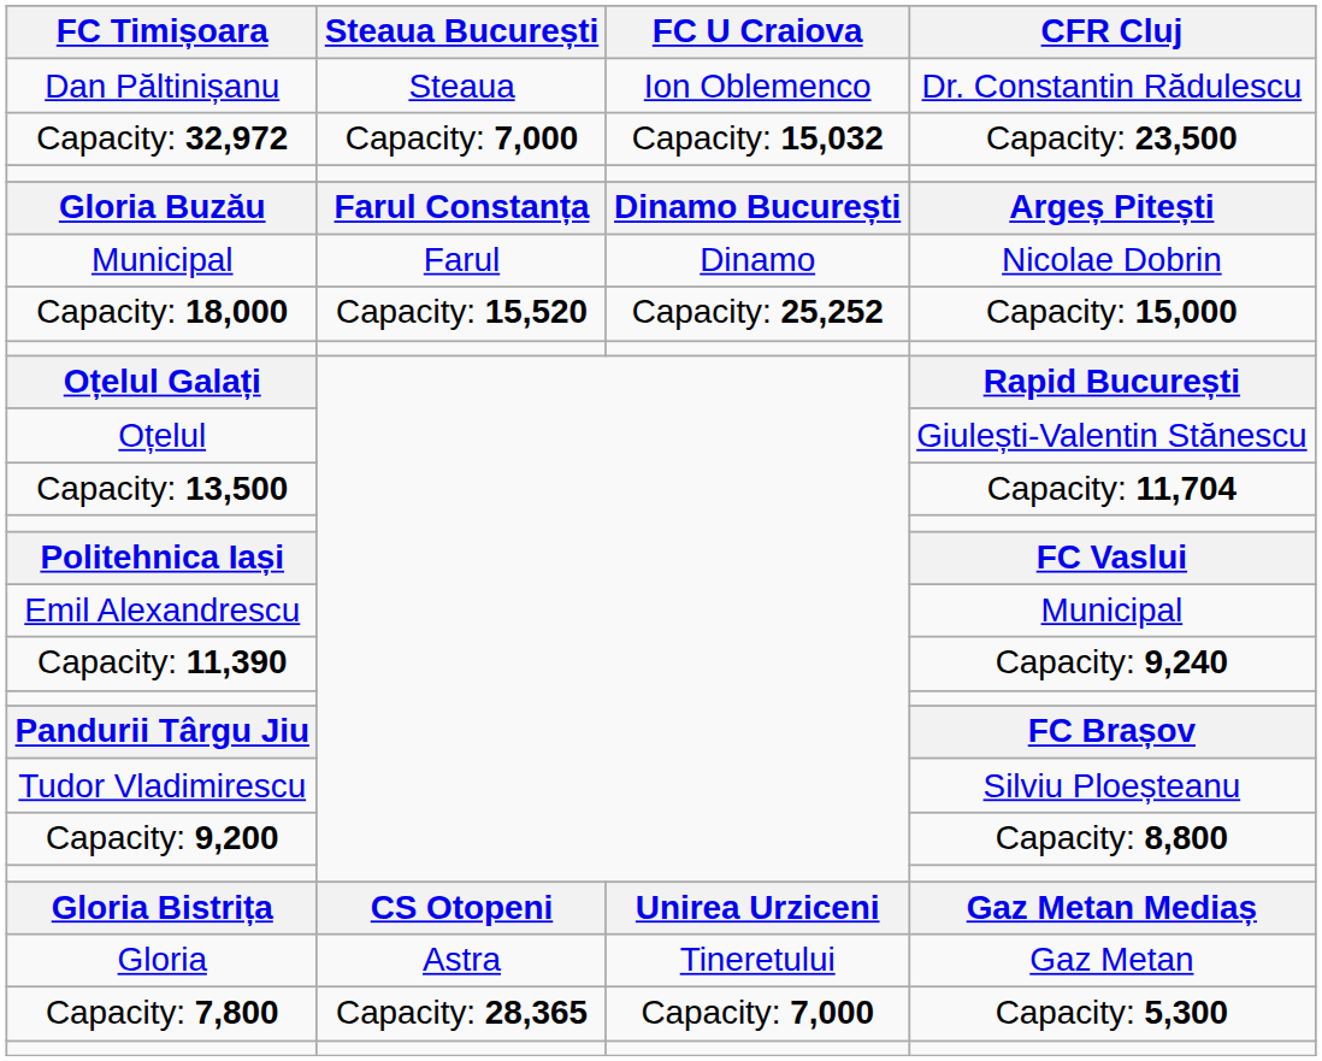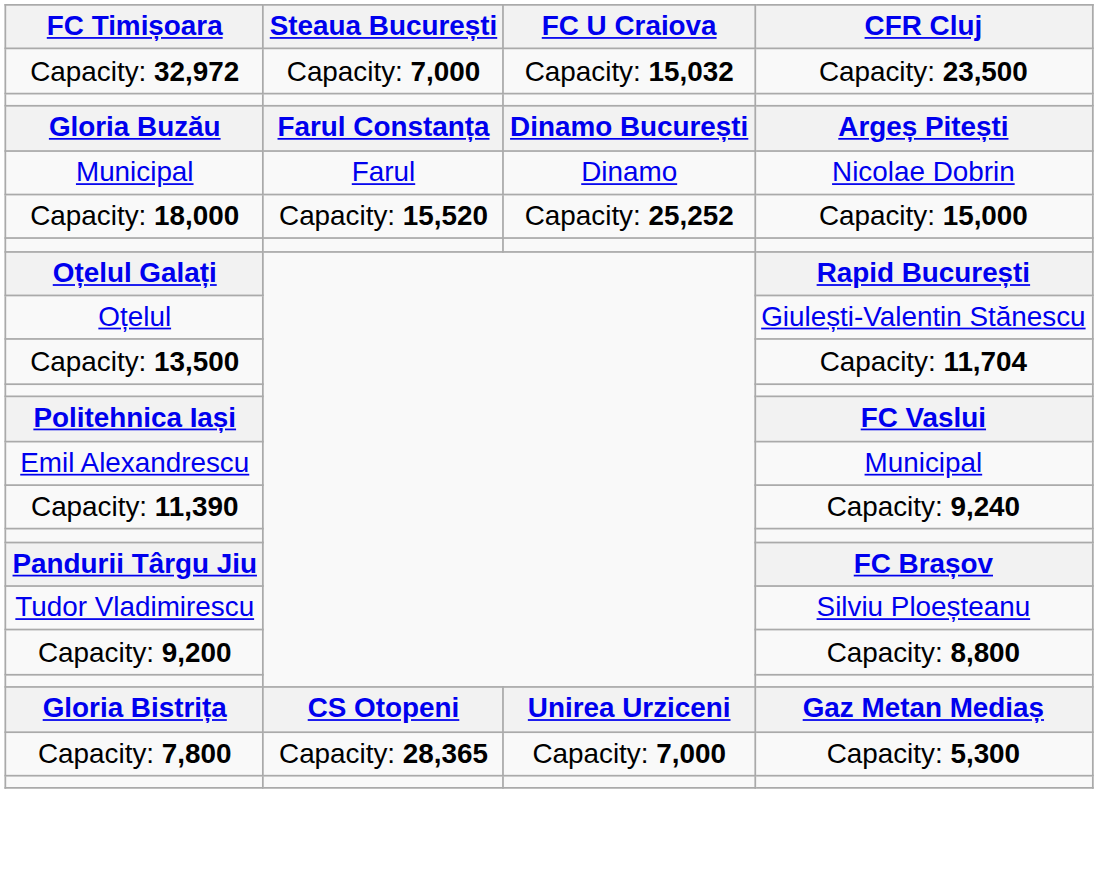 <table class="wikitable" style="text-align:center;margin:0.5em auto;">
 <tr>
 <th><a href='#'>FC Timișoara</a></th>
 <th><a href='#'>Steaua București</a></th>
 <th><a href='#'>FC U Craiova</a></th>
 <th><a href='#'>CFR Cluj</a></th>
-</tr>
-<tr>
-<td><a href='#'>Dan Păltinișanu</a></td>
-<td><a href='#'>Steaua</a></td>
-<td><a href='#'>Ion Oblemenco</a></td>
-<td><a href='#'>Dr. Constantin Rădulescu</a></td>
 </tr>
 <tr>
 <td>Capacity: <strong>32,972</strong></td>
 <td>Capacity: <strong>7,000</strong></td>
 <td>Capacity: <strong>15,032</strong></td>
 <td>Capacity: <strong>23,500</strong></td>
 </tr>
 <tr>
 <td></td>
 <td></td>
 <td></td>
 <td></td>
 </tr>
 <tr>
 <th><a href='#'>Gloria Buzău</a></th>
 <th><a href='#'>Farul Constanța</a></th>
 <th><a href='#'>Dinamo București</a></th>
 <th><a href='#'>Argeș Pitești</a></th>
 </tr>
 <tr>
 <td><a href='#'>Municipal</a></td>
 <td><a href='#'>Farul</a></td>
 <td><a href='#'>Dinamo</a></td>
 <td><a href='#'>Nicolae Dobrin</a></td>
 </tr>
 <tr>
 <td>Capacity: <strong>18,000</strong></td>
 <td>Capacity: <strong>15,520</strong></td>
 <td>Capacity: <strong>25,252</strong></td>
 <td>Capacity: <strong>15,000</strong></td>
 </tr>
 <tr>
 <td></td>
 <td></td>
 <td></td>
 <td></td>
 </tr>
 <tr>
 <th><a href='#'>Oțelul Galați</a></th>
 <td colspan="2" rowspan="12"><br> </td>
 <th><a href='#'>Rapid București</a></th>
 </tr>
 <tr>
 <td><a href='#'>Oțelul</a></td>
 <td><a href='#'>Giulești-Valentin Stănescu</a></td>
 </tr>
 <tr>
 <td>Capacity: <strong>13,500</strong></td>
 <td>Capacity: <strong>11,704</strong></td>
 </tr>
 <tr>
 <td></td>
 <td></td>
 </tr>
 <tr>
 <th><a href='#'>Politehnica Iași</a></th>
 <th><a href='#'>FC Vaslui</a></th>
 </tr>
 <tr>
 <td><a href='#'>Emil Alexandrescu</a></td>
 <td><a href='#'>Municipal</a></td>
 </tr>
 <tr>
 <td>Capacity: <strong>11,390</strong></td>
 <td>Capacity: <strong>9,240</strong></td>
 </tr>
 <tr>
 <td></td>
 <td></td>
 </tr>
 <tr>
 <th><a href='#'>Pandurii Târgu Jiu</a></th>
 <th><a href='#'>FC Brașov</a></th>
 </tr>
 <tr>
 <td><a href='#'>Tudor Vladimirescu</a></td>
 <td><a href='#'>Silviu Ploeșteanu</a></td>
 </tr>
 <tr>
 <td>Capacity: <strong>9,200</strong></td>
 <td>Capacity: <strong>8,800</strong></td>
 </tr>
 <tr>
 <td></td>
 <td></td>
 </tr>
 <tr>
 <th><a href='#'>Gloria Bistrița</a></th>
 <th><a href='#'>CS Otopeni</a></th>
 <th><a href='#'>Unirea Urziceni</a></th>
 <th><a href='#'>Gaz Metan Mediaș</a></th>
 </tr>
 <tr>
-<td><a href='#'>Gloria</a></td>
-<td><a href='#'>Astra</a></td>
-<td><a href='#'>Tineretului</a></td>
-<td><a href='#'>Gaz Metan</a></td>
-</tr>
-<tr>
 <td>Capacity: <strong>7,800</strong></td>
 <td>Capacity: <strong>28,365</strong></td>
 <td>Capacity: <strong>7,000</strong></td>
 <td>Capacity: <strong>5,300</strong></td>
 </tr>
 <tr>
 <td></td>
 <td></td>
 <td></td>
 <td></td>
 </tr>
 </table>
